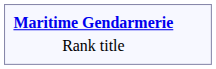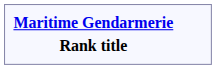 <table style="border:1px solid #8888aa; background-color:#f7f8ff; padding:5px; font-size:95%; margin: 0px 12px 12px 0px;">
 <tr style="text-align:center;">
 <td rowspan=1><strong> <a href='#'>Maritime Gendarmerie</a></strong></td>
 <td rowspan=2 colspan=8></td>
 <td colspan=2></td>
 <td colspan=2></td>
 <td colspan=2></td>
 <td colspan=2></td>
 <td colspan=2></td>
 <td colspan=3></td>
 </tr>
 <tr style="text-align:center;">
-<td rowspan=1>Rank title</td>
+<td rowspan=1><strong>Rank title</strong></td>
 <td colspan=2></td>
 <td colspan=2></td>
 <td colspan=2></td>
 <td colspan=2></td>
 <td colspan=2></td>
 <td colspan=3></td>
 </tr>
 </table>
